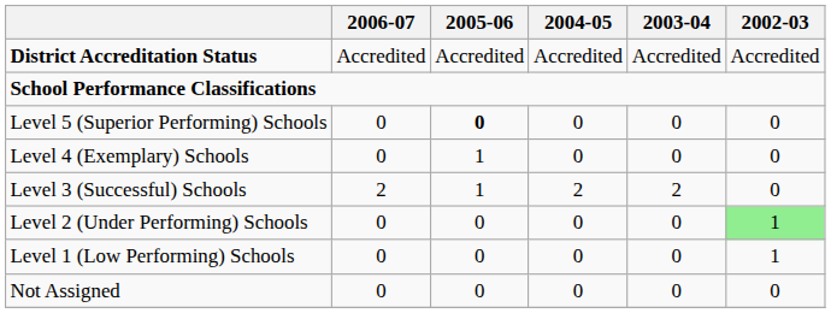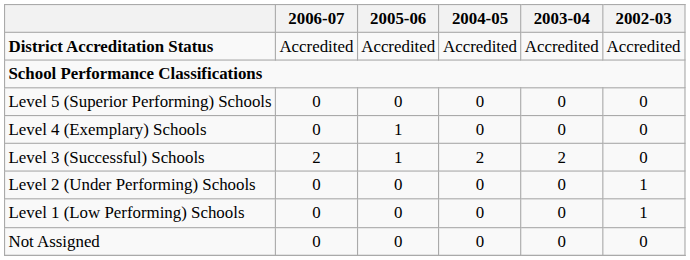 <table class="wikitable" style="font-size: 95%;">
 <tr>
 <th></th>
 <th>2006-07</th>
 <th>2005-06</th>
 <th>2004-05</th>
 <th>2003-04</th>
 <th>2002-03</th>
 </tr>
 <tr>
 <td align="left"><strong>District Accreditation Status</strong></td>
 <td align="center">Accredited</td>
 <td align="center">Accredited</td>
 <td align="center">Accredited</td>
 <td align="center">Accredited</td>
 <td align="center">Accredited</td>
 </tr>
 <tr>
 <td align="left" colspan="6"><strong>School Performance Classifications</strong></td>
 </tr>
 <tr>
 <td align="left">Level 5 (Superior Performing) Schools</td>
 <td align="center">0</td>
-<td align="center"><strong>0</strong></td>
+<td align="center">0</td>
 <td align="center">0</td>
 <td align="center">0</td>
 <td align="center">0</td>
 </tr>
 <tr>
 <td align="left">Level 4 (Exemplary) Schools</td>
 <td align="center">0</td>
 <td align="center">1</td>
 <td align="center">0</td>
 <td align="center">0</td>
 <td align="center">0</td>
 </tr>
 <tr>
 <td align="left">Level 3 (Successful) Schools</td>
 <td align="center">2</td>
 <td align="center">1</td>
 <td align="center">2</td>
 <td align="center">2</td>
 <td align="center">0</td>
 </tr>
 <tr>
 <td align="left">Level 2 (Under Performing) Schools</td>
 <td align="center">0</td>
 <td align="center">0</td>
 <td align="center">0</td>
 <td align="center">0</td>
-<td align="center" style="background: lightgreen;">1</td>
+<td align="center">1</td>
 </tr>
 <tr>
 <td align="left">Level 1 (Low Performing) Schools</td>
 <td align="center">0</td>
 <td align="center">0</td>
 <td align="center">0</td>
 <td align="center">0</td>
 <td align="center">1</td>
 </tr>
 <tr>
 <td align="left">Not Assigned</td>
 <td align="center">0</td>
 <td align="center">0</td>
 <td align="center">0</td>
 <td align="center">0</td>
 <td align="center">0</td>
 </tr>
 <tr>
 </tr>
 </table>
